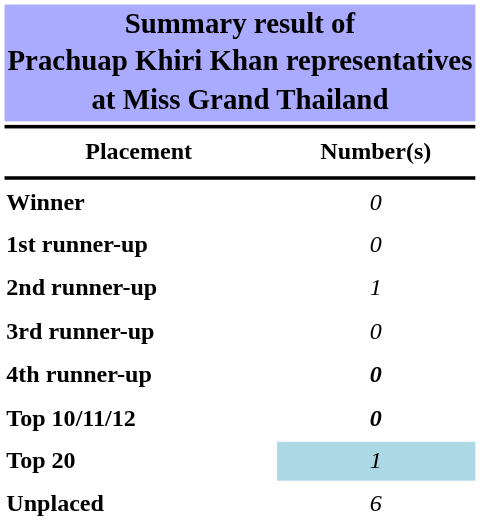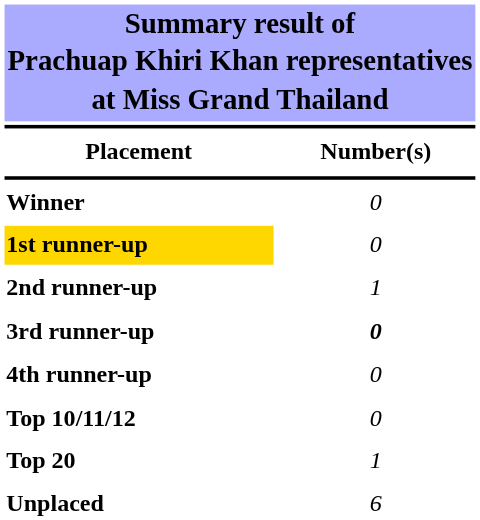 <table style="width: 270px; font-size:85%; line-height:1.5em;">
 <tr>
 <th colspan="2" align="center" style="background:#AAF;"><big>Summary result of<br>Prachuap Khiri Khan representatives<br>at Miss Grand Thailand</big></th>
 </tr>
 <tr>
 <td colspan="2" style="background:black"></td>
 </tr>
 <tr>
 <th scope="col">Placement</th>
 <th scope="col">Number(s)</th>
 </tr>
 <tr>
 <td colspan="2" style="background:black"></td>
 </tr>
 <tr>
 <td align="left"><strong>Winner</strong></td>
 <td align="center"><em>0</em></td>
 </tr>
 <tr>
-<td align="left"><strong>1st runner-up</strong></td>
+<td align="left" style="background: gold;"><strong>1st runner-up</strong></td>
 <td align="center"><em>0</em></td>
 </tr>
 <tr>
 <td align="left"><strong>2nd runner-up</strong></td>
 <td align="center"><em>1</em></td>
 </tr>
 <tr>
 <td align="left"><strong>3rd runner-up</strong></td>
+<td align="center"><strong><em>0</em></strong></td>
+</tr>
+<tr>
+<td align="left"><strong>4th runner-up</strong></td>
 <td align="center"><em>0</em></td>
 </tr>
 <tr>
-<td align="left"><strong>4th runner-up</strong></td>
-<td align="center"><strong><em>0</em></strong></td>
-</tr>
-<tr>
 <td align="left"><strong>Top 10/11/12</strong></td>
-<td align="center"><strong><em>0</em></strong></td>
+<td align="center"><em>0</em></td>
 </tr>
 <tr>
 <td align="left"><strong>Top 20</strong></td>
-<td align="center" style="background: lightblue;"><em>1</em></td>
+<td align="center"><em>1</em></td>
 </tr>
 <tr>
 <td align="left"><strong>Unplaced</strong></td>
 <td align="center"><em>6</em></td>
 </tr>
 </table>
